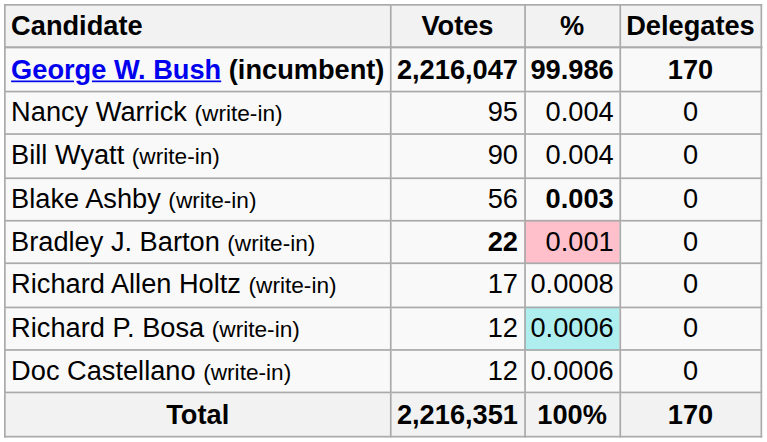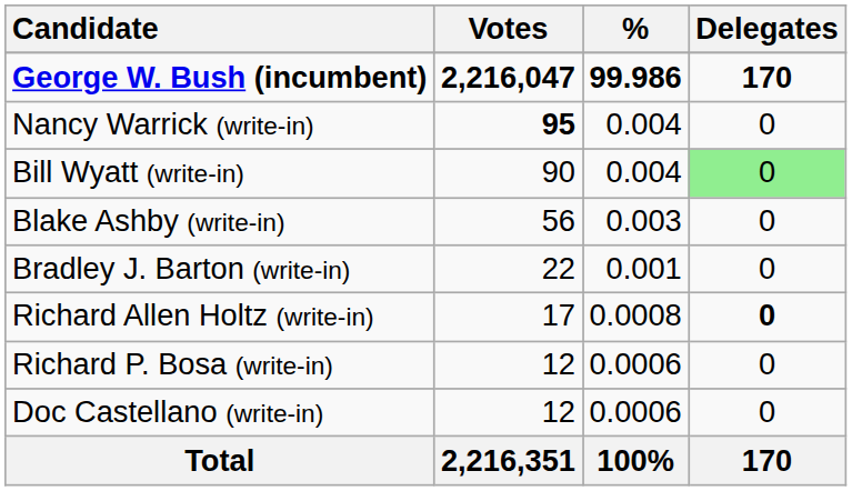 <table class="wikitable sortable plainrowheaders" style="text-align:right;">
 <tr>
 <th style="text-align:left;">Candidate</th>
 <th>Votes</th>
 <th>%</th>
 <th>Delegates</th>
 </tr>
 <tr>
 </tr>
 <tr>
 <td style="text-align:left;"><strong><a href='#'>George W. Bush</a></strong> <strong>(incumbent)</strong></td>
 <td><strong>2,216,047</strong></td>
 <td><strong>99.986</strong></td>
 <td style="text-align:center;"><strong>170</strong></td>
 </tr>
 <tr>
 <td style="text-align:left;">Nancy Warrick <small>(write-in)</small></td>
-<td>95</td>
+<td><strong>95</strong></td>
 <td>0.004</td>
 <td style="text-align:center;">0</td>
 </tr>
 <tr>
 <td style="text-align:left;">Bill Wyatt <small>(write-in)</small></td>
 <td>90</td>
 <td>0.004</td>
-<td style="text-align:center;">0</td>
+<td style="background: lightgreen; text-align:center;">0</td>
 </tr>
 <tr>
 <td style="text-align:left;">Blake Ashby <small>(write-in)</small></td>
 <td>56</td>
-<td><strong>0.003</strong></td>
+<td>0.003</td>
 <td style="text-align:center;">0</td>
 </tr>
 <tr>
 <td style="text-align:left;">Bradley J. Barton <small>(write-in)</small></td>
-<td><strong>22</strong></td>
-<td style="background: pink;">0.001</td>
+<td>22</td>
+<td>0.001</td>
 <td style="text-align:center;">0</td>
 </tr>
 <tr>
 <td style="text-align:left;">Richard Allen Holtz <small>(write-in)</small></td>
 <td>17</td>
 <td>0.0008</td>
-<td style="text-align:center;">0</td>
+<td style="text-align:center;"><strong>0</strong></td>
 </tr>
 <tr>
 <td style="text-align:left;">Richard P. Bosa <small>(write-in)</small></td>
 <td>12</td>
-<td style="background: paleturquoise;">0.0006</td>
+<td>0.0006</td>
 <td style="text-align:center;">0</td>
 </tr>
 <tr>
 <td style="text-align:left;">Doc Castellano <small>(write-in)</small></td>
 <td>12</td>
 <td>0.0006</td>
 <td style="text-align:center;">0</td>
 </tr>
 <tr class="sortbottom">
 <th>Total</th>
 <th>2,216,351</th>
 <th>100%</th>
 <th>170</th>
 </tr>
 </table>
